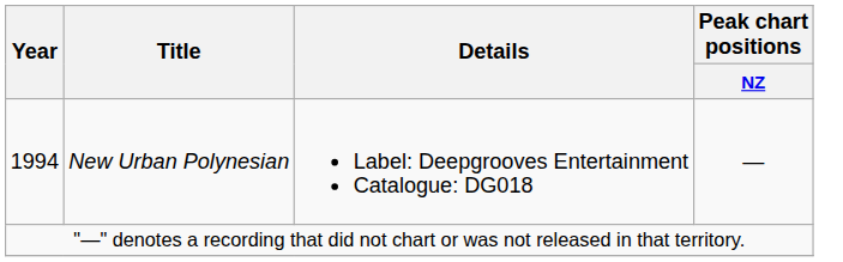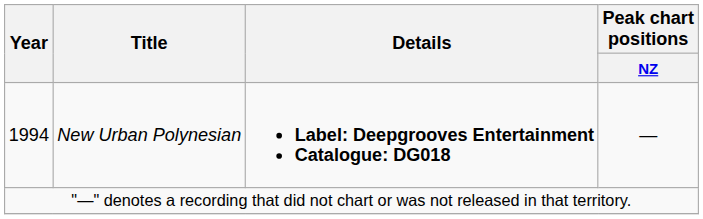 <table class="wikitable plainrowheaders">
 <tr>
 <th rowspan="2">Year</th>
 <th rowspan="2">Title</th>
 <th rowspan="2">Details</th>
 <th>Peak chart<br>positions</th>
 </tr>
 <tr>
 <th><small><a href='#'>NZ</a></small></th>
 </tr>
 <tr>
 <td>1994</td>
 <td><em>New Urban Polynesian</em></td>
-<td><br><ul><li>Label: Deepgrooves Entertainment</li><li>Catalogue: DG018</li></ul></td>
+<td><strong><br><ul><li>Label: Deepgrooves Entertainment</li><li>Catalogue: DG018</li></ul></strong></td>
 <td align="center">—</td>
 </tr>
 <tr>
 <td colspan="4" style="font-size:90%" align="center">"—" denotes a recording that did not chart or was not released in that territory.</td>
 </tr>
 <tr>
 </tr>
 </table>
